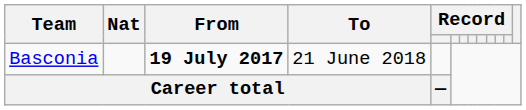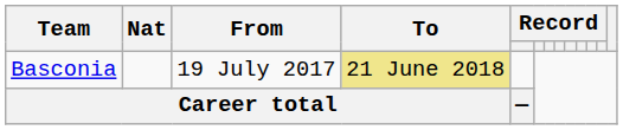 <table class="wikitable" style="text-align: center">
 <tr>
 <th rowspan="2">Team</th>
 <th rowspan="2">Nat</th>
 <th rowspan="2">From</th>
 <th rowspan="2">To</th>
 <th colspan="8">Record</th>
 <th rowspan=2></th>
 </tr>
 <tr>
 <th></th>
 <th></th>
 <th></th>
 <th></th>
 <th></th>
 <th></th>
 <th></th>
 <th></th>
 </tr>
 <tr>
 <td align="left"><a href='#'>Basconia</a></td>
 <td></td>
-<td align=left><strong>19 July 2017</strong></td>
-<td align=left>21 June 2018<br></td>
+<td align=left>19 July 2017</td>
+<td align=left style="background: khaki;">21 June 2018<br></td>
 <td></td>
 </tr>
 <tr>
 <th colspan=4>Career total<br></th>
 <th>—</th>
 </tr>
 </table>
